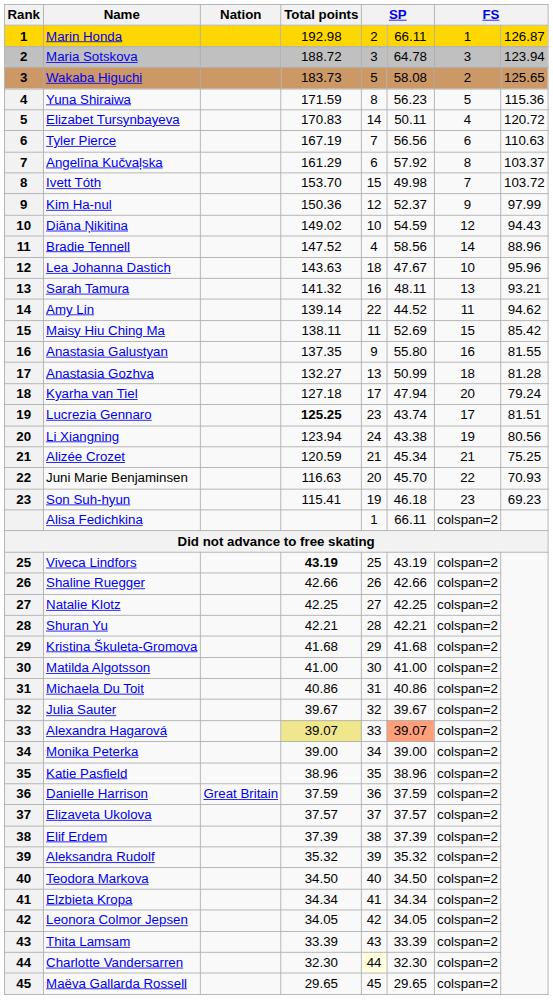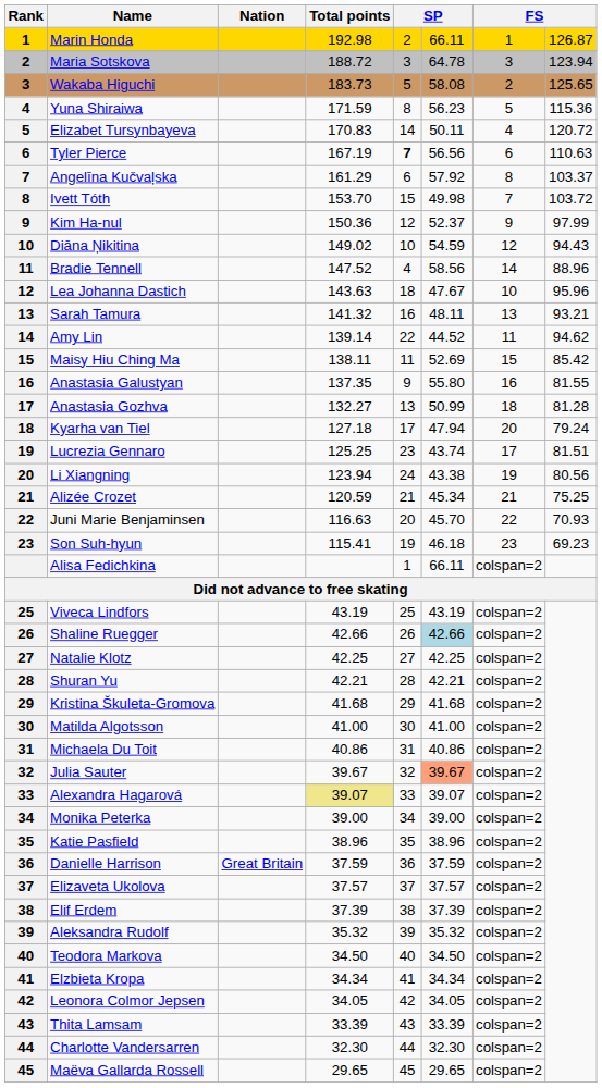 <table class="wikitable sortable">
 <tr>
 <th>Rank</th>
 <th>Name</th>
 <th>Nation</th>
 <th>Total points</th>
 <th colspan="2" width="80px"><a href='#'>SP</a></th>
 <th colspan="2" width="80px"><a href='#'>FS</a></th>
 </tr>
 <tr bgcolor="gold">
 <td align="center"><strong>1</strong></td>
 <td><a href='#'>Marin Honda</a></td>
 <td></td>
 <td align="center">192.98</td>
 <td align="center">2</td>
 <td align="center">66.11</td>
 <td align="center">1</td>
 <td align="center">126.87</td>
 </tr>
 <tr bgcolor="silver">
 <td align="center"><strong>2</strong></td>
 <td><a href='#'>Maria Sotskova</a></td>
 <td></td>
 <td align="center">188.72</td>
 <td align="center">3</td>
 <td align="center">64.78</td>
 <td align="center">3</td>
 <td align="center">123.94</td>
 </tr>
 <tr bgcolor="cc9966">
 <td align="center"><strong>3</strong></td>
 <td><a href='#'>Wakaba Higuchi</a></td>
 <td></td>
 <td align="center">183.73</td>
 <td align="center">5</td>
 <td align="center">58.08</td>
 <td align="center">2</td>
 <td align="center">125.65</td>
 </tr>
 <tr>
 <th>4</th>
 <td><a href='#'>Yuna Shiraiwa</a></td>
 <td></td>
 <td align="center">171.59</td>
 <td align="center">8</td>
 <td align="center">56.23</td>
 <td align="center">5</td>
 <td align="center">115.36</td>
 </tr>
 <tr>
 <th>5</th>
 <td><a href='#'>Elizabet Tursynbayeva</a></td>
 <td></td>
 <td align="center">170.83</td>
 <td align="center">14</td>
 <td align="center">50.11</td>
 <td align="center">4</td>
 <td align="center">120.72</td>
 </tr>
 <tr>
 <th>6</th>
 <td><a href='#'>Tyler Pierce</a></td>
 <td></td>
 <td align="center">167.19</td>
-<td align="center">7</td>
+<td align="center"><strong>7</strong></td>
 <td align="center">56.56</td>
 <td align="center">6</td>
 <td align="center">110.63</td>
 </tr>
 <tr>
 <th>7</th>
 <td><a href='#'>Angelīna Kučvaļska</a></td>
 <td></td>
 <td align="center">161.29</td>
 <td align="center">6</td>
 <td align="center">57.92</td>
 <td align="center">8</td>
 <td align="center">103.37</td>
 </tr>
 <tr>
 <th>8</th>
 <td><a href='#'>Ivett Tóth</a></td>
 <td></td>
 <td align="center">153.70</td>
 <td align="center">15</td>
 <td align="center">49.98</td>
 <td align="center">7</td>
 <td align="center">103.72</td>
 </tr>
 <tr>
 <th>9</th>
 <td><a href='#'>Kim Ha-nul</a></td>
 <td></td>
 <td align="center">150.36</td>
 <td align="center">12</td>
 <td align="center">52.37</td>
 <td align="center">9</td>
 <td align="center">97.99</td>
 </tr>
 <tr>
 <th>10</th>
 <td><a href='#'>Diāna Ņikitina</a></td>
 <td></td>
 <td align="center">149.02</td>
 <td align="center">10</td>
 <td align="center">54.59</td>
 <td align="center">12</td>
 <td align="center">94.43</td>
 </tr>
 <tr>
 <th>11</th>
 <td><a href='#'>Bradie Tennell</a></td>
 <td></td>
 <td align="center">147.52</td>
 <td align="center">4</td>
 <td align="center">58.56</td>
 <td align="center">14</td>
 <td align="center">88.96</td>
 </tr>
 <tr>
 <th>12</th>
 <td><a href='#'>Lea Johanna Dastich</a></td>
 <td></td>
 <td align="center">143.63</td>
 <td align="center">18</td>
 <td align="center">47.67</td>
 <td align="center">10</td>
 <td align="center">95.96</td>
 </tr>
 <tr>
 <th>13</th>
 <td><a href='#'>Sarah Tamura</a></td>
 <td></td>
 <td align="center">141.32</td>
 <td align="center">16</td>
 <td align="center">48.11</td>
 <td align="center">13</td>
 <td align="center">93.21</td>
 </tr>
 <tr>
 <th>14</th>
 <td><a href='#'>Amy Lin</a></td>
 <td></td>
 <td align="center">139.14</td>
 <td align="center">22</td>
 <td align="center">44.52</td>
 <td align="center">11</td>
 <td align="center">94.62</td>
 </tr>
 <tr>
 <th>15</th>
 <td><a href='#'>Maisy Hiu Ching Ma</a></td>
 <td></td>
 <td align="center">138.11</td>
 <td align="center">11</td>
 <td align="center">52.69</td>
 <td align="center">15</td>
 <td align="center">85.42</td>
 </tr>
 <tr>
 <th>16</th>
 <td><a href='#'>Anastasia Galustyan</a></td>
 <td></td>
 <td align="center">137.35</td>
 <td align="center">9</td>
 <td align="center">55.80</td>
 <td align="center">16</td>
 <td align="center">81.55</td>
 </tr>
 <tr>
 <th>17</th>
 <td><a href='#'>Anastasia Gozhva</a></td>
 <td></td>
 <td align="center">132.27</td>
 <td align="center">13</td>
 <td align="center">50.99</td>
 <td align="center">18</td>
 <td align="center">81.28</td>
 </tr>
 <tr>
 <th>18</th>
 <td><a href='#'>Kyarha van Tiel</a></td>
 <td></td>
 <td align="center">127.18</td>
 <td align="center">17</td>
 <td align="center">47.94</td>
 <td align="center">20</td>
 <td align="center">79.24</td>
 </tr>
 <tr>
 <th>19</th>
 <td><a href='#'>Lucrezia Gennaro</a></td>
 <td></td>
-<td align="center"><strong>125.25</strong></td>
+<td align="center">125.25</td>
 <td align="center">23</td>
 <td align="center">43.74</td>
 <td align="center">17</td>
 <td align="center">81.51</td>
 </tr>
 <tr>
 <th>20</th>
 <td><a href='#'>Li Xiangning</a></td>
 <td></td>
 <td align="center">123.94</td>
 <td align="center">24</td>
 <td align="center">43.38</td>
 <td align="center">19</td>
 <td align="center">80.56</td>
 </tr>
 <tr>
 <th>21</th>
 <td><a href='#'>Alizée Crozet</a></td>
 <td></td>
 <td align="center">120.59</td>
 <td align="center">21</td>
 <td align="center">45.34</td>
 <td align="center">21</td>
 <td align="center">75.25</td>
 </tr>
 <tr>
 <th>22</th>
 <td>Juni Marie Benjaminsen</td>
 <td></td>
 <td align="center">116.63</td>
 <td align="center">20</td>
 <td align="center">45.70</td>
 <td align="center">22</td>
 <td align="center">70.93</td>
 </tr>
 <tr>
 <th>23</th>
 <td><a href='#'>Son Suh-hyun</a></td>
 <td></td>
 <td align="center">115.41</td>
 <td align="center">19</td>
 <td align="center">46.18</td>
 <td align="center">23</td>
 <td align="center">69.23</td>
 </tr>
 <tr>
 <th></th>
 <td><a href='#'>Alisa Fedichkina</a></td>
 <td></td>
 <td></td>
 <td align="center">1</td>
 <td align="center">66.11</td>
 <td>colspan=2 </td>
 </tr>
 <tr>
 <th colspan="8">Did not advance to free skating</th>
 </tr>
 <tr>
 <th>25</th>
 <td><a href='#'>Viveca Lindfors</a></td>
 <td></td>
-<td align="center"><strong>43.19</strong></td>
+<td align="center">43.19</td>
 <td align="center">25</td>
 <td align="center">43.19</td>
 <td>colspan=2 </td>
 </tr>
 <tr>
 <th>26</th>
 <td><a href='#'>Shaline Ruegger</a></td>
 <td></td>
 <td align="center">42.66</td>
 <td align="center">26</td>
-<td align="center">42.66</td>
+<td align="center" style="background: lightblue;">42.66</td>
 <td>colspan=2 </td>
 </tr>
 <tr>
 <th>27</th>
 <td><a href='#'>Natalie Klotz</a></td>
 <td></td>
 <td align="center">42.25</td>
 <td align="center">27</td>
 <td align="center">42.25</td>
 <td>colspan=2 </td>
 </tr>
 <tr>
 <th>28</th>
 <td><a href='#'>Shuran Yu</a></td>
 <td></td>
 <td align="center">42.21</td>
 <td align="center">28</td>
 <td align="center">42.21</td>
 <td>colspan=2 </td>
 </tr>
 <tr>
 <th>29</th>
 <td><a href='#'>Kristina Škuleta-Gromova</a></td>
 <td></td>
 <td align="center">41.68</td>
 <td align="center">29</td>
 <td align="center">41.68</td>
 <td>colspan=2 </td>
 </tr>
 <tr>
 <th>30</th>
 <td><a href='#'>Matilda Algotsson</a></td>
 <td></td>
 <td align="center">41.00</td>
 <td align="center">30</td>
 <td align="center">41.00</td>
 <td>colspan=2 </td>
 </tr>
 <tr>
 <th>31</th>
 <td><a href='#'>Michaela Du Toit</a></td>
 <td></td>
 <td align="center">40.86</td>
 <td align="center">31</td>
 <td align="center">40.86</td>
 <td>colspan=2 </td>
 </tr>
 <tr>
 <th>32</th>
 <td><a href='#'>Julia Sauter</a></td>
 <td></td>
 <td align="center">39.67</td>
 <td align="center">32</td>
-<td align="center">39.67</td>
+<td align="center" style="background: lightsalmon;">39.67</td>
 <td>colspan=2 </td>
 </tr>
 <tr>
 <th>33</th>
 <td><a href='#'>Alexandra Hagarová</a></td>
 <td></td>
 <td align="center" style="background: khaki;">39.07</td>
 <td align="center">33</td>
-<td align="center" style="background: lightsalmon;">39.07</td>
+<td align="center">39.07</td>
 <td>colspan=2 </td>
 </tr>
 <tr>
 <th>34</th>
 <td><a href='#'>Monika Peterka</a></td>
 <td></td>
 <td align="center">39.00</td>
 <td align="center">34</td>
 <td align="center">39.00</td>
 <td>colspan=2 </td>
 </tr>
 <tr>
 <th>35</th>
 <td><a href='#'>Katie Pasfield</a></td>
 <td></td>
 <td align="center">38.96</td>
 <td align="center">35</td>
 <td align="center">38.96</td>
 <td>colspan=2 </td>
 </tr>
 <tr>
 <th>36</th>
 <td><a href='#'>Danielle Harrison</a></td>
 <td> <a href='#'>Great Britain</a></td>
 <td align="center">37.59</td>
 <td align="center">36</td>
 <td align="center">37.59</td>
 <td>colspan=2 </td>
 </tr>
 <tr>
 <th>37</th>
 <td><a href='#'>Elizaveta Ukolova</a></td>
 <td></td>
 <td align="center">37.57</td>
 <td align="center">37</td>
 <td align="center">37.57</td>
 <td>colspan=2 </td>
 </tr>
 <tr>
 <th>38</th>
 <td><a href='#'>Elif Erdem</a></td>
 <td></td>
 <td align="center">37.39</td>
 <td align="center">38</td>
 <td align="center">37.39</td>
 <td>colspan=2 </td>
 </tr>
 <tr>
 <th>39</th>
 <td><a href='#'>Aleksandra Rudolf</a></td>
 <td></td>
 <td align="center">35.32</td>
 <td align="center">39</td>
 <td align="center">35.32</td>
 <td>colspan=2 </td>
 </tr>
 <tr>
 <th>40</th>
 <td><a href='#'>Teodora Markova</a></td>
 <td></td>
 <td align="center">34.50</td>
 <td align="center">40</td>
 <td align="center">34.50</td>
 <td>colspan=2 </td>
 </tr>
 <tr>
 <th>41</th>
 <td><a href='#'>Elzbieta Kropa</a></td>
 <td></td>
 <td align="center">34.34</td>
 <td align="center">41</td>
 <td align="center">34.34</td>
 <td>colspan=2 </td>
 </tr>
 <tr>
 <th>42</th>
 <td><a href='#'>Leonora Colmor Jepsen</a></td>
 <td></td>
 <td align="center">34.05</td>
 <td align="center">42</td>
 <td align="center">34.05</td>
 <td>colspan=2 </td>
 </tr>
 <tr>
 <th>43</th>
 <td><a href='#'>Thita Lamsam</a></td>
 <td></td>
 <td align="center">33.39</td>
 <td align="center">43</td>
 <td align="center">33.39</td>
 <td>colspan=2 </td>
 </tr>
 <tr>
 <th>44</th>
 <td><a href='#'>Charlotte Vandersarren</a></td>
 <td></td>
 <td align="center">32.30</td>
-<td align="center" style="background: lightyellow;">44</td>
+<td align="center">44</td>
 <td align="center">32.30</td>
 <td>colspan=2 </td>
 </tr>
 <tr>
 <th>45</th>
 <td><a href='#'>Maëva Gallarda Rossell</a></td>
 <td></td>
 <td align="center">29.65</td>
 <td align="center">45</td>
 <td align="center">29.65</td>
 <td>colspan=2 </td>
 </tr>
 </table>
